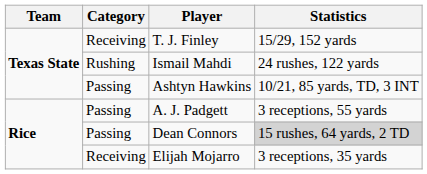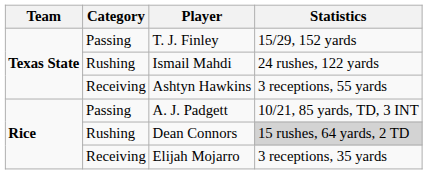 <table class="wikitable" style="float: right;">
 <tr>
 <th>Team</th>
 <th>Category</th>
 <th>Player</th>
 <th>Statistics</th>
 </tr>
 <tr>
 <td rowspan=3><strong>Texas State</strong></td>
-<td>Receiving</td>
+<td>Passing</td>
 <td>T. J. Finley</td>
 <td>15/29, 152 yards</td>
 </tr>
 <tr>
 <td>Rushing</td>
 <td>Ismail Mahdi</td>
 <td>24 rushes, 122 yards</td>
 </tr>
 <tr>
-<td>Passing</td>
+<td>Receiving</td>
 <td>Ashtyn Hawkins</td>
-<td>10/21, 85 yards, TD, 3 INT</td>
+<td>3 receptions, 55 yards</td>
 </tr>
 <tr>
 <td rowspan=3><strong>Rice</strong></td>
 <td>Passing</td>
 <td>A. J. Padgett</td>
-<td>3 receptions, 55 yards</td>
+<td>10/21, 85 yards, TD, 3 INT</td>
 </tr>
 <tr>
-<td>Passing</td>
+<td>Rushing</td>
 <td>Dean Connors</td>
 <td style="background: lightgrey;">15 rushes, 64 yards, 2 TD</td>
 </tr>
 <tr>
 <td>Receiving</td>
 <td>Elijah Mojarro</td>
 <td>3 receptions, 35 yards</td>
 </tr>
 </table>
